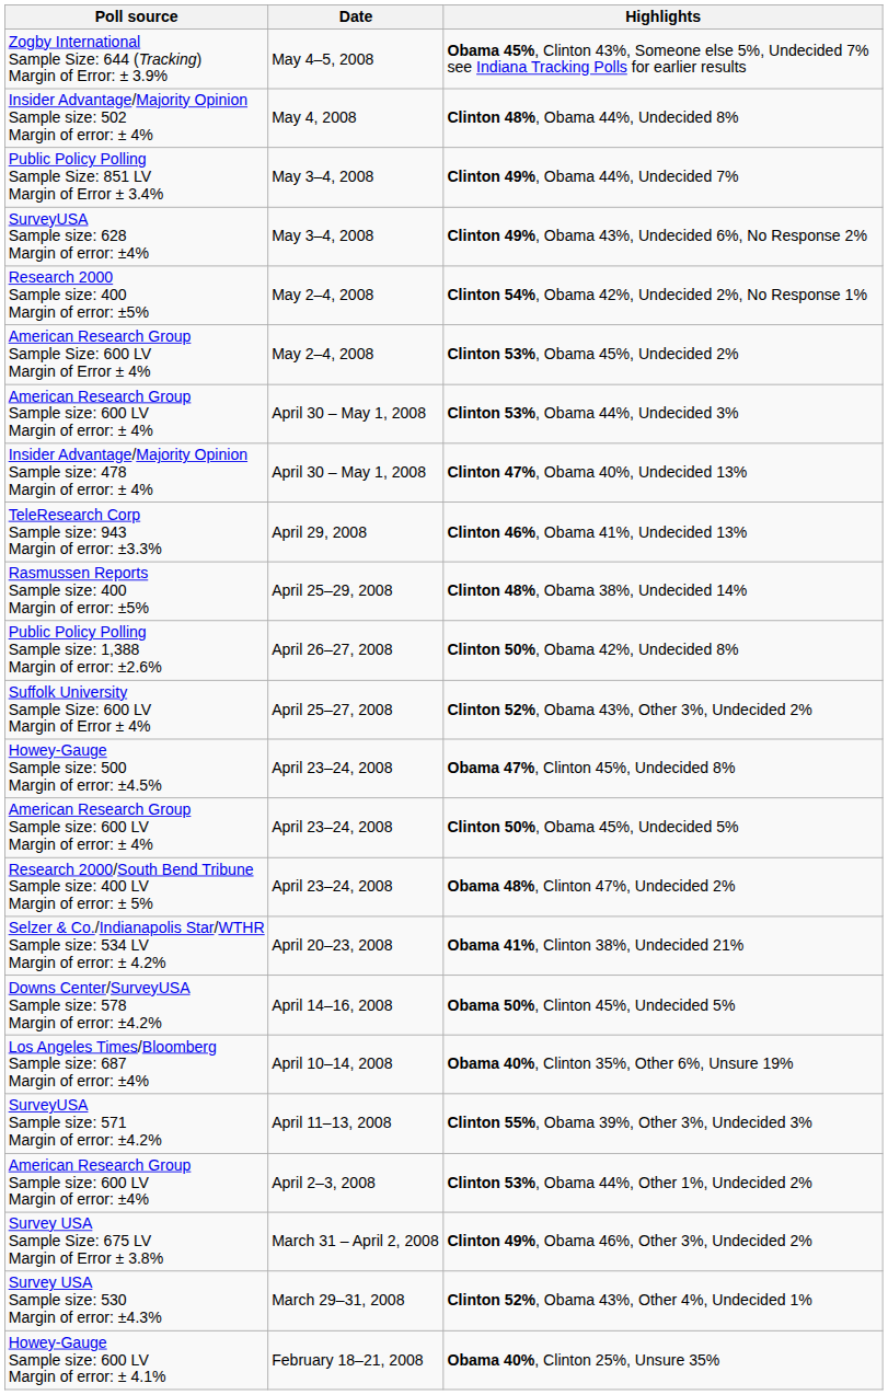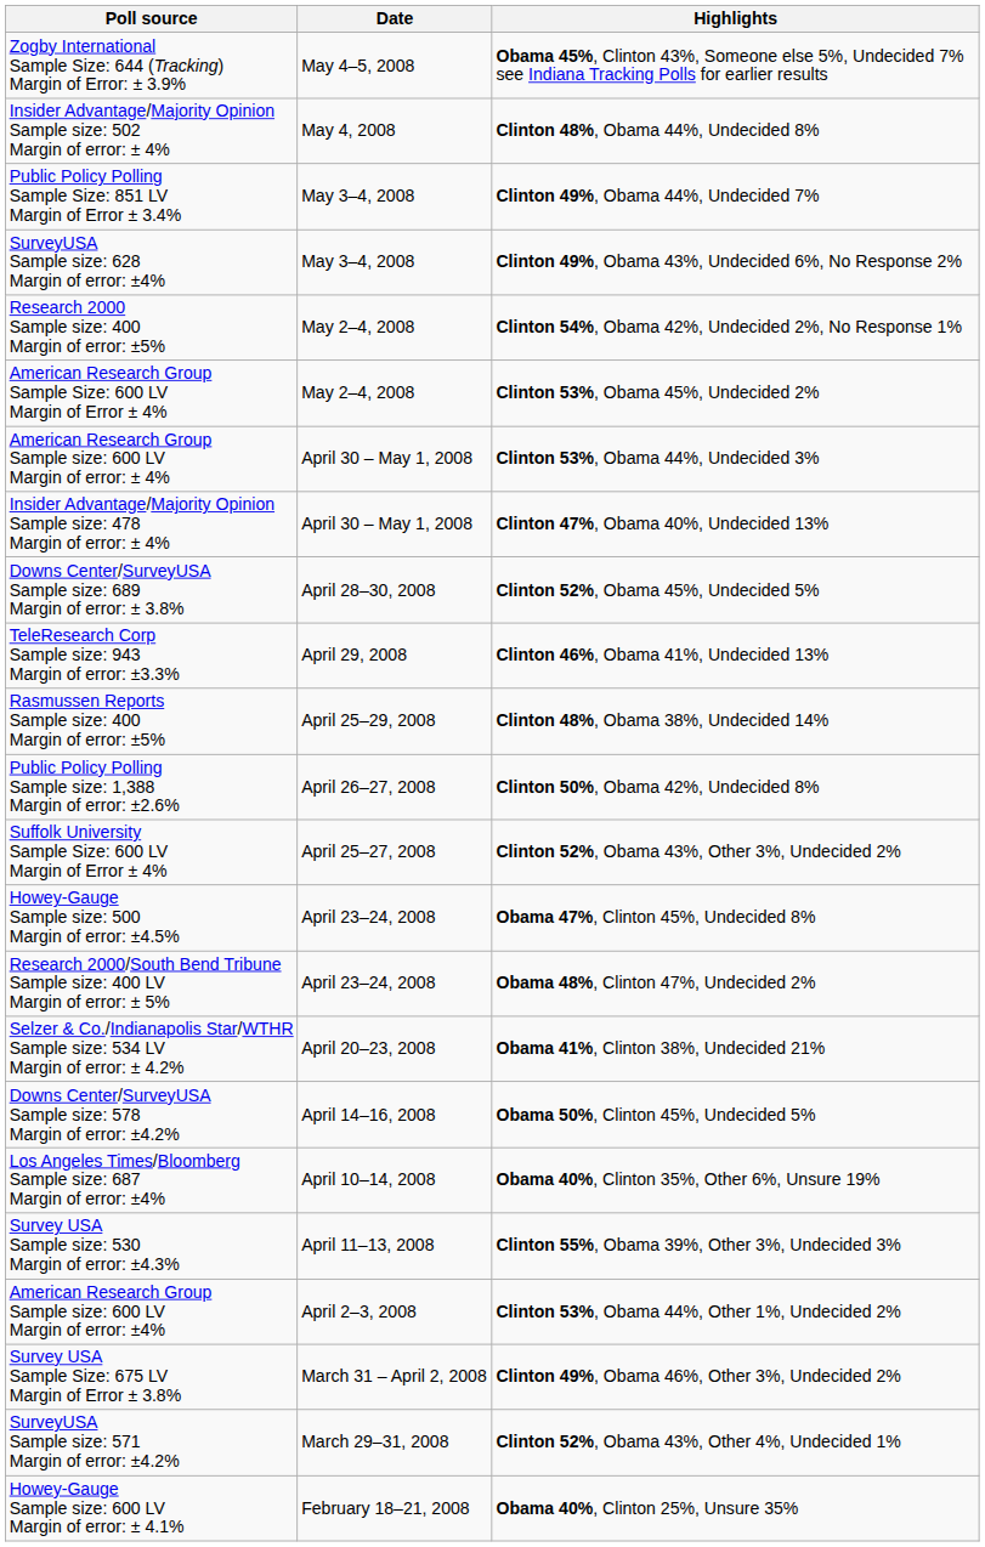 <table class="wikitable sortable">
 <tr>
 <th width="30%">Poll source</th>
 <th width="20%">Date</th>
 <th width="50%">Highlights</th>
 </tr>
 <tr>
 <td><a href='#'>Zogby International</a><br>Sample Size: 644 (<em>Tracking</em>)<br> Margin of Error: ± 3.9%</td>
 <td>May 4–5, 2008</td>
 <td><strong>Obama 45%</strong>, Clinton 43%, Someone else 5%, Undecided 7%<br>see  <a href='#'>Indiana Tracking Polls</a> for earlier results</td>
 </tr>
 <tr>
 <td><a href='#'>Insider Advantage</a>/<a href='#'>Majority Opinion</a><br>Sample size: 502<br> Margin of error: ± 4%</td>
 <td>May 4, 2008</td>
 <td><strong>Clinton 48%</strong>, Obama 44%, Undecided 8%</td>
 </tr>
 <tr>
 <td><a href='#'>Public Policy Polling</a><br>Sample Size: 851 LV<br> Margin of Error ± 3.4%</td>
 <td>May 3–4, 2008</td>
 <td><strong>Clinton 49%</strong>, Obama 44%, Undecided 7%</td>
 </tr>
 <tr>
 <td><a href='#'>SurveyUSA</a><br>Sample size: 628<br> Margin of error: ±4%</td>
 <td>May 3–4, 2008</td>
 <td><strong>Clinton 49%</strong>, Obama 43%, Undecided 6%, No Response 2%</td>
 </tr>
 <tr>
 <td><a href='#'>Research 2000</a><br>Sample size: 400<br> Margin of error: ±5%</td>
 <td>May 2–4, 2008</td>
 <td><strong>Clinton 54%</strong>, Obama 42%, Undecided 2%, No Response 1%</td>
 </tr>
 <tr>
 <td><a href='#'>American Research Group</a><br>Sample Size: 600 LV<br> Margin of Error ± 4%</td>
 <td>May 2–4, 2008</td>
 <td><strong>Clinton 53%</strong>, Obama 45%, Undecided 2%</td>
 </tr>
 <tr>
 <td><a href='#'>American Research Group</a><br>Sample size: 600 LV<br> Margin of error: ± 4%</td>
 <td>April 30 – May 1, 2008</td>
 <td><strong>Clinton 53%</strong>, Obama 44%, Undecided 3%</td>
 </tr>
 <tr>
 <td><a href='#'>Insider Advantage</a>/<a href='#'>Majority Opinion</a><br>Sample size: 478<br> Margin of error: ± 4%</td>
 <td>April 30 – May 1, 2008</td>
 <td><strong>Clinton 47%</strong>, Obama 40%, Undecided 13%</td>
 </tr>
 <tr>
+<td><a href='#'>Downs Center</a>/<a href='#'>SurveyUSA</a><br>Sample size: 689<br> Margin of error: ± 3.8%</td>
+<td>April 28–30, 2008</td>
+<td><strong>Clinton 52%</strong>, Obama 45%, Undecided 5%</td>
+</tr>
+<tr>
 <td><a href='#'>TeleResearch Corp</a><br>Sample size: 943<br> Margin of error: ±3.3%</td>
 <td>April 29, 2008</td>
 <td><strong>Clinton 46%</strong>, Obama 41%, Undecided 13%</td>
 </tr>
 <tr>
 <td><a href='#'>Rasmussen Reports</a><br>Sample size: 400<br> Margin of error: ±5%</td>
 <td>April 25–29, 2008</td>
 <td><strong>Clinton 48%</strong>, Obama 38%, Undecided 14%</td>
 </tr>
 <tr>
 <td><a href='#'>Public Policy Polling</a><br>Sample size: 1,388<br> Margin of error: ±2.6%</td>
 <td>April 26–27, 2008</td>
 <td><strong>Clinton 50%</strong>, Obama 42%, Undecided 8%</td>
 </tr>
 <tr>
 <td><a href='#'>Suffolk University</a><br>Sample Size: 600 LV<br> Margin of Error ± 4%</td>
 <td>April 25–27, 2008</td>
 <td><strong>Clinton 52%</strong>, Obama 43%, Other 3%, Undecided 2%</td>
 </tr>
 <tr>
 <td><a href='#'>Howey-Gauge</a><br>Sample size: 500<br> Margin of error: ±4.5%</td>
 <td>April 23–24, 2008</td>
 <td><strong>Obama 47%</strong>, Clinton 45%, Undecided 8%</td>
 </tr>
 <tr>
-<td><a href='#'>American Research Group</a><br>Sample size: 600 LV<br> Margin of error: ± 4%</td>
-<td>April 23–24, 2008</td>
-<td><strong>Clinton 50%</strong>, Obama 45%, Undecided 5%</td>
-</tr>
-<tr>
 <td><a href='#'>Research 2000</a>/<a href='#'>South Bend Tribune</a><br>Sample size: 400 LV<br> Margin of error: ± 5%</td>
 <td>April 23–24, 2008</td>
 <td><strong>Obama 48%</strong>, Clinton 47%, Undecided 2%</td>
 </tr>
 <tr>
 <td><a href='#'>Selzer & Co.</a>/<a href='#'>Indianapolis Star</a>/<a href='#'>WTHR</a><br>Sample size: 534 LV<br> Margin of error: ± 4.2%</td>
 <td>April 20–23, 2008</td>
 <td><strong>Obama 41%</strong>, Clinton 38%, Undecided 21%</td>
 </tr>
 <tr>
 <td><a href='#'>Downs Center</a>/<a href='#'>SurveyUSA</a><br>Sample size: 578<br> Margin of error: ±4.2%</td>
 <td>April 14–16, 2008</td>
 <td><strong>Obama 50%</strong>, Clinton 45%, Undecided 5%</td>
 </tr>
 <tr>
 <td><a href='#'>Los Angeles Times</a>/<a href='#'>Bloomberg</a><br>Sample size: 687<br> Margin of error: ±4%</td>
 <td>April 10–14, 2008</td>
 <td><strong>Obama  40%</strong>, Clinton 35%, Other 6%, Unsure 19%</td>
 </tr>
 <tr>
-<td><a href='#'>SurveyUSA</a><br>Sample size: 571<br> Margin of error: ±4.2%</td>
+<td><a href='#'>Survey USA</a><br>Sample size: 530<br> Margin of error: ±4.3%</td>
 <td>April 11–13, 2008</td>
 <td><strong>Clinton 55%</strong>, Obama 39%, Other 3%, Undecided 3%</td>
 </tr>
 <tr>
 <td><a href='#'>American Research Group</a><br>Sample size: 600 LV<br> Margin of error: ±4%</td>
 <td>April 2–3, 2008</td>
 <td><strong>Clinton 53%</strong>, Obama 44%, Other 1%, Undecided 2%</td>
 </tr>
 <tr>
 <td><a href='#'>Survey USA</a><br>Sample Size: 675 LV<br> Margin of Error ± 3.8%</td>
 <td>March 31 – April 2, 2008</td>
 <td><strong>Clinton 49%</strong>, Obama 46%, Other 3%, Undecided 2%</td>
 </tr>
 <tr>
-<td><a href='#'>Survey USA</a><br>Sample size: 530<br> Margin of error: ±4.3%</td>
+<td><a href='#'>SurveyUSA</a><br>Sample size: 571<br> Margin of error: ±4.2%</td>
 <td>March 29–31, 2008</td>
 <td><strong>Clinton 52%</strong>, Obama 43%, Other 4%, Undecided 1%</td>
 </tr>
 <tr>
 <td><a href='#'>Howey-Gauge</a><br>Sample size: 600 LV<br> Margin of error: ± 4.1%</td>
 <td>February 18–21, 2008</td>
 <td><strong>Obama  40%</strong>, Clinton 25%, Unsure 35%</td>
 </tr>
 </table>
